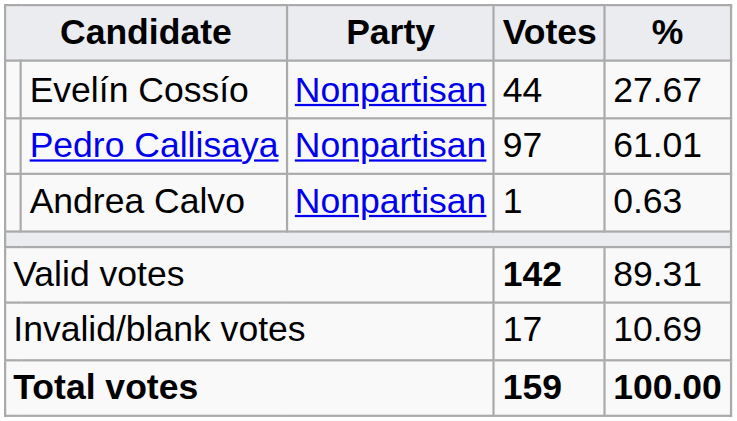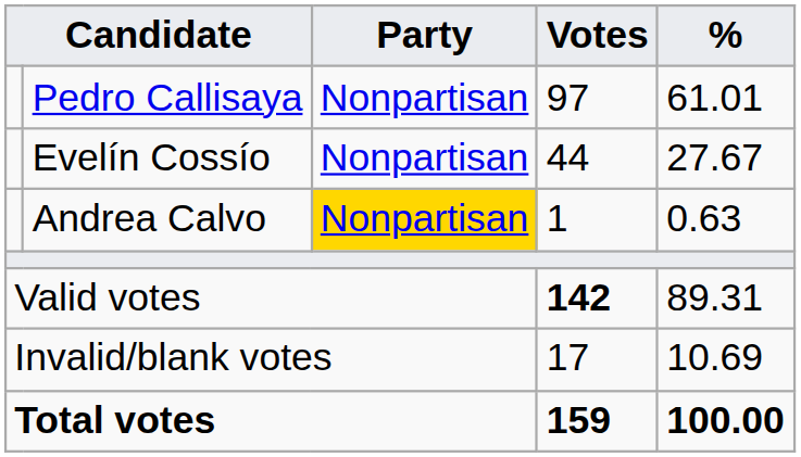 <table class="wikitable sortable">
 <tr>
 <th style="background-color:#EAECF0;" colspan=2>Candidate</th>
 <th style="background-color:#EAECF0;">Party</th>
 <th style="background-color:#EAECF0;">Votes</th>
 <th style="background-color:#EAECF0;">%</th>
+</tr>
+<tr>
+<td style="background-color:"></td>
+<td><a href='#'>Pedro Callisaya</a></td>
+<td><a href='#'>Nonpartisan</a></td>
+<td>97</td>
+<td>61.01</td>
 </tr>
 <tr>
 <td style="background-color:"></td>
 <td>Evelín Cossío</td>
 <td><a href='#'>Nonpartisan</a></td>
 <td>44</td>
 <td>27.67</td>
 </tr>
 <tr>
 <td style="background-color:"></td>
-<td><a href='#'>Pedro Callisaya</a></td>
-<td><a href='#'>Nonpartisan</a></td>
-<td>97</td>
-<td>61.01</td>
-</tr>
-<tr>
-<td style="background-color:"></td>
 <td>Andrea Calvo</td>
-<td><a href='#'>Nonpartisan</a></td>
+<td style="background: gold;"><a href='#'>Nonpartisan</a></td>
 <td>1</td>
 <td>0.63</td>
 </tr>
 <tr class="sortbottom">
 <th style="background-color:#EAECF0;" colspan=5></th>
 </tr>
 <tr class="sortbottom">
 <td colspan=3>Valid votes</td>
 <td><strong>142</strong></td>
 <td>89.31</td>
 </tr>
 <tr class="sortbottom">
 <td colspan=3>Invalid/blank votes</td>
 <td>17</td>
 <td>10.69</td>
 </tr>
 <tr class="sortbottom">
 <td colspan=3><strong>Total votes</strong></td>
 <td><strong>159</strong></td>
 <td><strong>100.00</strong></td>
 </tr>
 </table>
